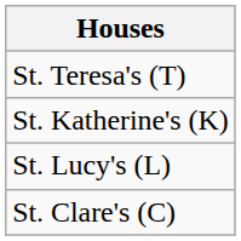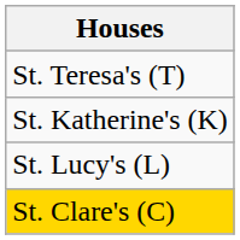 <table class="wikitable">
 <tr Houses>
 <th>Houses</th>
 </tr>
 <tr>
 <td><span>St. Teresa's (T)</span></td>
 </tr>
 <tr>
 <td><span>St. Katherine's (K) </span></td>
 </tr>
 <tr>
 <td><span>St. Lucy's (L)</span></td>
 </tr>
 <tr>
-<td><span>St. Clare's (C)</span></td>
+<td style="background: gold;"><span>St. Clare's (C)</span></td>
 </tr>
 </table>
